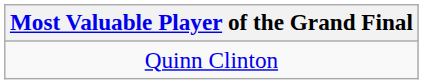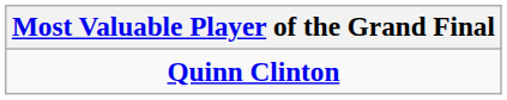 <table class=wikitable style="text-align:center; margin:auto">
 <tr>
 <th><a href='#'>Most Valuable Player</a> of the Grand Final</th>
 </tr>
 <tr>
-<td> <a href='#'>Quinn Clinton</a></td>
+<td><strong> <a href='#'>Quinn Clinton</a></strong></td>
 </tr>
 </table>
